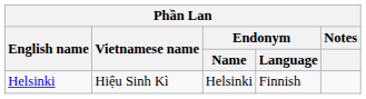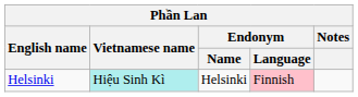 <table class="wikitable sortable">
 <tr>
 <th colspan="5"> Phần Lan</th>
 </tr>
 <tr>
 <th rowspan="2">English name</th>
 <th rowspan="2">Vietnamese name</th>
 <th colspan="2">Endonym</th>
 <th>Notes</th>
 </tr>
 <tr>
 <th>Name</th>
 <th>Language</th>
 <th></th>
 </tr>
 <tr>
 <td><a href='#'>Helsinki</a></td>
-<td>Hiệu Sinh Kì</td>
+<td style="background: paleturquoise;">Hiệu Sinh Kì</td>
 <td>Helsinki</td>
-<td>Finnish</td>
+<td style="background: pink;">Finnish</td>
 </tr>
 </table>
